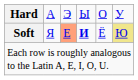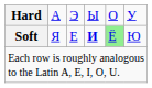 <table class="wikitable floatright">
 <tr>
 <th>Hard</th>
 <td><a href='#'>А</a></td>
 <td><a href='#'>Э</a></td>
 <td><a href='#'>Ы</a></td>
 <td><a href='#'>О</a></td>
 <td><a href='#'>У</a></td>
 </tr>
 <tr>
 <th>Soft</th>
 <td><a href='#'>Я</a></td>
-<td style="background: lightsalmon;"><a href='#'>Е</a></td>
+<td><a href='#'>Е</a></td>
 <td><strong><a href='#'>И</a></strong></td>
-<td><a href='#'>Ё</a></td>
-<td style="background: khaki;"><a href='#'>Ю</a></td>
+<td style="background: lightgreen;"><a href='#'>Ё</a></td>
+<td><a href='#'>Ю</a></td>
 </tr>
 <tr>
 <td colspan="6"><small>Each row is roughly analogous</small><br><small>to the Latin A, E, I, O, U.</small></td>
 </tr>
 </table>
